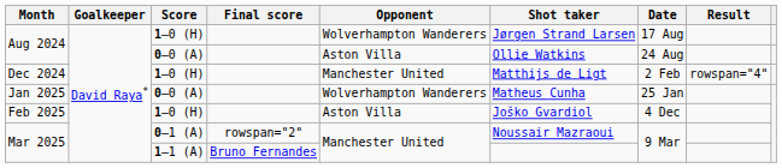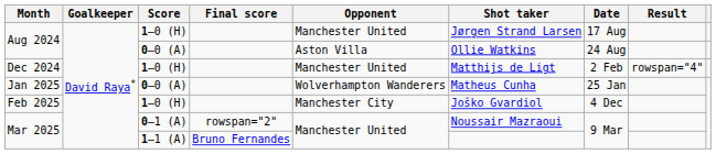 <table class="wikitable" style="text-align:center; font-size:85%;">
 <tr>
 <th>Month</th>
 <th>Goalkeeper</th>
 <th>Score</th>
 <th>Final score</th>
 <th>Opponent</th>
 <th>Shot taker</th>
 <th>Date</th>
 <th>Result</th>
 <th></th>
 </tr>
 <tr>
 <td rowspan="2">Aug 2024</td>
 <td rowspan="7" style="text-align:left;"> <a href='#'>David Raya</a><sup>*</sup></td>
 <td><strong>1</strong>–0 (H)</td>
 <td></td>
-<td style="text-align:left;">Wolverhampton Wanderers</td>
+<td style="text-align:left;">Manchester United</td>
 <td style="text-align:left;"><a href='#'>Jørgen Strand Larsen</a></td>
 <td>17 Aug</td>
 <td></td>
 <td></td>
 </tr>
 <tr>
 <td><strong>0</strong>–0 (A)</td>
 <td></td>
 <td style="text-align:left;">Aston Villa</td>
 <td style="text-align:left;"><a href='#'>Ollie Watkins</a></td>
 <td>24 Aug</td>
 <td></td>
 <td></td>
 </tr>
 <tr>
 <td>Dec 2024</td>
 <td><strong>1</strong>–0 (H)</td>
 <td></td>
 <td style="text-align:left;">Manchester United</td>
 <td style="text-align:left;"><a href='#'>Matthijs de Ligt</a></td>
 <td>2 Feb</td>
 <td>rowspan="4" </td>
 <td></td>
 </tr>
 <tr>
 <td>Jan 2025</td>
 <td><strong>0</strong>–0 (A)</td>
 <td></td>
 <td style="text-align:left;">Wolverhampton Wanderers</td>
 <td style="text-align:left;"><a href='#'>Matheus Cunha</a></td>
 <td>25 Jan</td>
 <td></td>
 </tr>
 <tr>
 <td>Feb 2025</td>
 <td><strong>1</strong>–0 (H)</td>
 <td></td>
-<td style="text-align:left;">Aston Villa</td>
+<td style="text-align:left;">Manchester City</td>
 <td style="text-align:left;"><a href='#'>Joško Gvardiol</a></td>
 <td>4 Dec</td>
 <td></td>
 </tr>
 <tr>
 <td rowspan="2">Mar 2025</td>
 <td><strong>0</strong>–1 (A)</td>
 <td>rowspan="2" </td>
 <td rowspan="2" style="text-align:left;">Manchester United</td>
 <td style="text-align:left;"><a href='#'>Noussair Mazraoui</a></td>
 <td rowspan="2">9 Mar</td>
 <td></td>
 </tr>
 <tr>
 <td><strong>1</strong>–1 (A)</td>
 <td style="text-align:left;"><a href='#'>Bruno Fernandes</a></td>
 <td></td>
 <td></td>
 </tr>
 </table>
